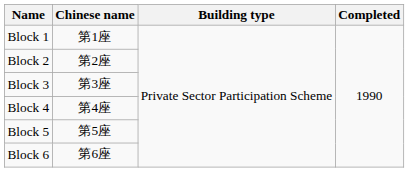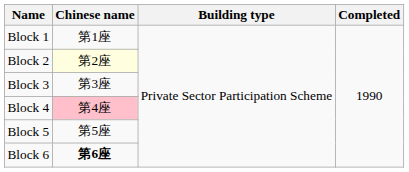 <table class="wikitable" style="text-align: center">
 <tr>
 <th>Name</th>
 <th>Chinese name</th>
 <th>Building type</th>
 <th>Completed</th>
 </tr>
 <tr>
 <td>Block 1</td>
 <td>第1座</td>
 <td rowspan="6">Private Sector Participation Scheme</td>
 <td rowspan="6">1990</td>
 </tr>
 <tr>
 <td>Block 2</td>
-<td>第2座</td>
+<td style="background: lightyellow;">第2座</td>
 </tr>
 <tr>
 <td>Block 3</td>
 <td>第3座</td>
 </tr>
 <tr>
 <td>Block 4</td>
-<td>第4座</td>
+<td style="background: pink;">第4座</td>
 </tr>
 <tr>
 <td>Block 5</td>
 <td>第5座</td>
 </tr>
 <tr>
 <td>Block 6</td>
-<td>第6座</td>
+<td><strong>第6座</strong></td>
 </tr>
 </table>
